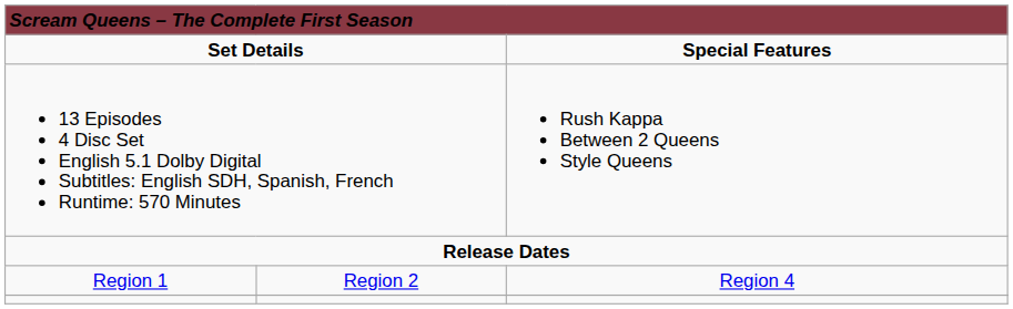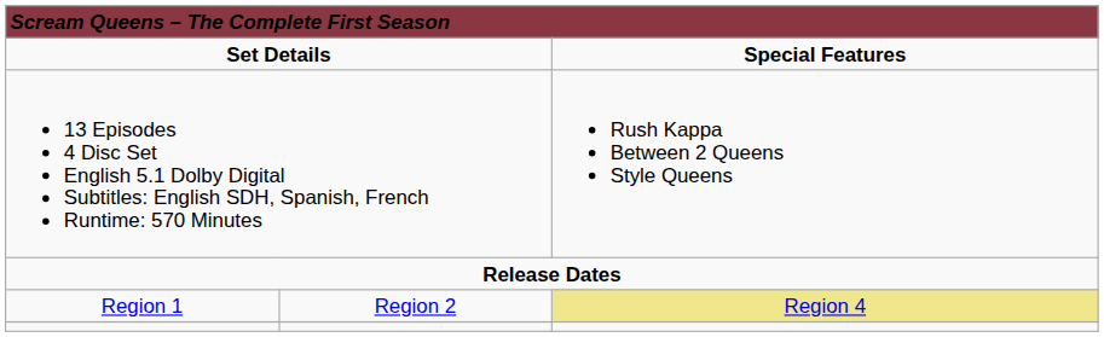 <table class="wikitable" style="font-size: 95%;">
 <tr style="background:#893843;">
 <td colspan="3"><span> <strong><em>Scream Queens – The Complete First Season</em></strong></span></td>
 </tr>
 <tr style="vertical-align:top; text-align:center;">
 <td style="width:400px;" colspan="2"><strong>Set Details</strong></td>
 <td style="width:400px; " colspan="2"><strong>Special Features</strong></td>
 </tr>
 <tr valign="top">
 <td colspan="2"  style="text-align:left; width:400px;"><br><ul><li>13 Episodes</li><li>4 Disc Set</li><li>English 5.1 Dolby Digital</li><li>Subtitles: English SDH, Spanish, French</li><li>Runtime: 570 Minutes</li></ul></td>
 <td colspan="3"  style="text-align:left; width:400px;"><br><ul><li>Rush Kappa</li><li>Between 2 Queens</li><li>Style Queens</li></ul></td>
 </tr>
 <tr>
 <td colspan="3" style="text-align:center;"><strong>Release Dates</strong></td>
 </tr>
 <tr>
 <td style="text-align:center;"><a href='#'>Region 1</a></td>
 <td style="text-align:center;"><a href='#'>Region 2</a></td>
-<td style="text-align:center;"><a href='#'>Region 4</a></td>
+<td style="background: khaki; text-align:center;"><a href='#'>Region 4</a></td>
 </tr>
 <tr style="text-align:center;">
 </tr>
 <tr style="text-align:center;">
 </tr>
 <tr>
 <td></td>
 <td></td>
 <td></td>
 </tr>
 </table>
